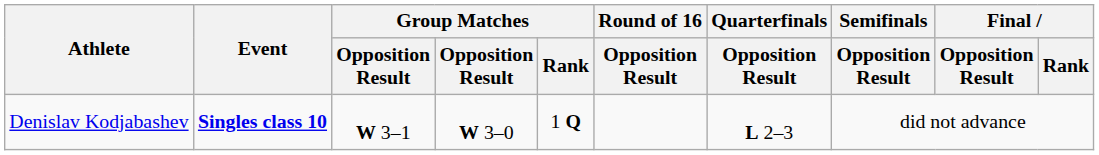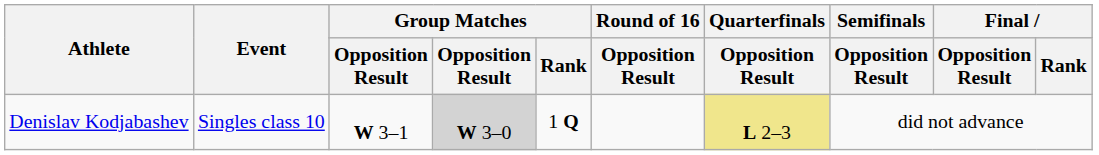 <table class=wikitable style="font-size:90%">
 <tr>
 <th rowspan="2">Athlete</th>
 <th rowspan="2">Event</th>
 <th colspan="3">Group Matches</th>
 <th>Round of 16</th>
 <th>Quarterfinals</th>
 <th>Semifinals</th>
 <th colspan="2">Final / </th>
 </tr>
 <tr>
 <th>Opposition<br>Result</th>
 <th>Opposition<br>Result</th>
 <th>Rank</th>
 <th>Opposition<br>Result</th>
 <th>Opposition<br>Result</th>
 <th>Opposition<br>Result</th>
 <th>Opposition<br>Result</th>
 <th>Rank</th>
 </tr>
 <tr align=center>
 <td align=left><a href='#'>Denislav Kodjabashev</a></td>
-<td align=left><strong><a href='#'>Singles class 10</a></strong></td>
+<td align=left><a href='#'>Singles class 10</a></td>
 <td><br><strong>W</strong> 3–1</td>
-<td><br><strong>W</strong> 3–0</td>
+<td style="background: lightgrey;"><br><strong>W</strong> 3–0</td>
 <td>1 <strong>Q</strong></td>
 <td></td>
-<td><br><strong>L</strong> 2–3</td>
+<td style="background: khaki;"><br><strong>L</strong> 2–3</td>
 <td colspan=3>did not advance</td>
 </tr>
 </table>
